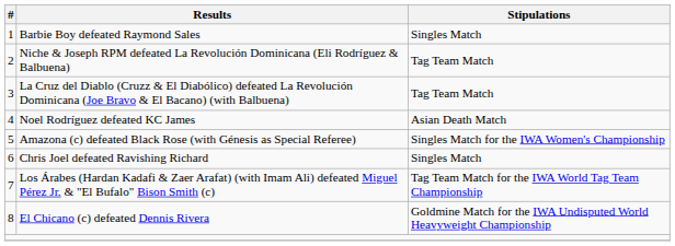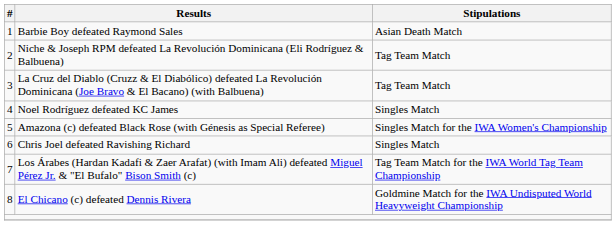 <table class="wikitable">
 <tr>
 <th>#</th>
 <th>Results</th>
 <th>Stipulations</th>
 </tr>
 <tr>
 <td>1</td>
 <td>Barbie Boy defeated Raymond Sales</td>
-<td>Singles Match</td>
+<td>Asian Death Match</td>
 </tr>
 <tr>
 <td>2</td>
 <td>Niche & Joseph RPM defeated La Revolución Dominicana (Eli Rodríguez & Balbuena)</td>
 <td>Tag Team Match</td>
 </tr>
 <tr>
 <td>3</td>
 <td>La Cruz del Diablo (Cruzz & El Diabólico) defeated La Revolución Dominicana (<a href='#'>Joe Bravo</a> & El Bacano) (with Balbuena)</td>
 <td>Tag Team Match</td>
 </tr>
 <tr>
 <td>4</td>
 <td>Noel Rodríguez defeated KC James</td>
-<td>Asian Death Match</td>
+<td>Singles Match</td>
 </tr>
 <tr>
 <td>5</td>
 <td>Amazona (c) defeated Black Rose (with Génesis as Special Referee)</td>
 <td>Singles Match for the <a href='#'>IWA Women's Championship</a></td>
 </tr>
 <tr>
 <td>6</td>
 <td>Chris Joel defeated Ravishing Richard</td>
 <td>Singles Match</td>
 </tr>
 <tr>
 <td>7</td>
 <td>Los Árabes (Hardan Kadafi & Zaer Arafat) (with Imam Ali) defeated <a href='#'>Miguel Pérez Jr.</a> & "El Bufalo" <a href='#'>Bison Smith</a> (c)</td>
 <td>Tag Team Match for the <a href='#'>IWA World Tag Team Championship</a></td>
 </tr>
 <tr>
 <td>8</td>
 <td><a href='#'>El Chicano</a> (c) defeated <a href='#'>Dennis Rivera</a></td>
 <td>Goldmine Match for the <a href='#'>IWA Undisputed World Heavyweight Championship</a></td>
 </tr>
 <tr>
 <td colspan="10"></td>
 </tr>
 <tr>
 </tr>
 </table>
